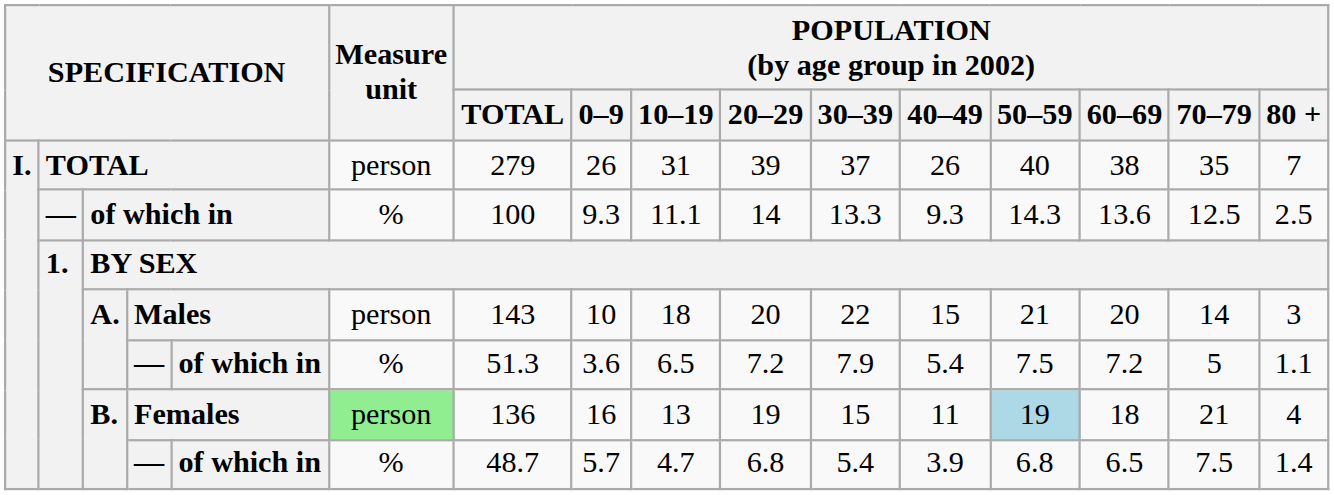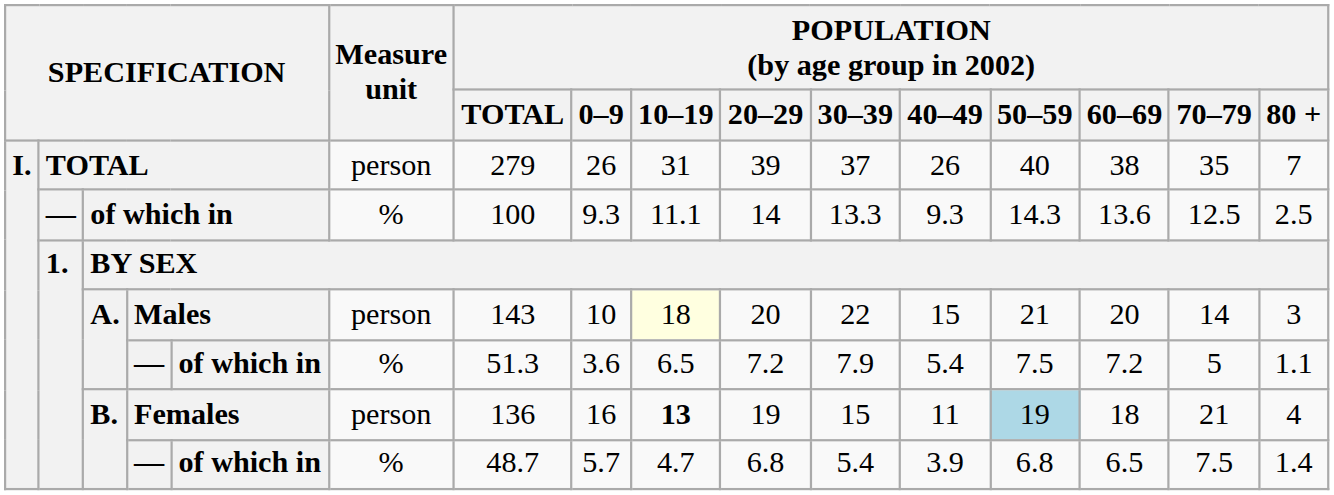 <table class="wikitable" style="font-size:85%; text-align:center">
 <tr>
 <th rowspan="2" colspan="5">SPECIFICATION</th>
 <th rowspan="2">Measure<br> unit</th>
 <th colspan="10" rowspan="1">POPULATION<br> (by age group in 2002)</th>
 </tr>
 <tr>
 <th>TOTAL</th>
 <th>0–9</th>
 <th>10–19</th>
 <th>20–29</th>
 <th>30–39</th>
 <th>40–49</th>
 <th>50–59</th>
 <th>60–69</th>
 <th>70–79</th>
 <th>80 +</th>
 </tr>
 <tr>
 <th style="text-align:left" valign="top" rowspan="7">I.</th>
 <th style="text-align:left" colspan="4">TOTAL</th>
 <td>person</td>
 <td>279</td>
 <td>26</td>
 <td>31</td>
 <td>39</td>
 <td>37</td>
 <td>26</td>
 <td>40</td>
 <td>38</td>
 <td>35</td>
 <td>7</td>
 </tr>
 <tr>
 <th style="text-align:left" valign="top">—</th>
 <th style="text-align:left" colspan="3">of which in</th>
 <td>%</td>
 <td>100</td>
 <td>9.3</td>
 <td>11.1</td>
 <td>14</td>
 <td>13.3</td>
 <td>9.3</td>
 <td>14.3</td>
 <td>13.6</td>
 <td>12.5</td>
 <td>2.5</td>
 </tr>
 <tr>
 <th style="text-align:left" valign="top" rowspan="5">1.</th>
 <th style="text-align:left" colspan="14">BY SEX</th>
 </tr>
 <tr>
 <th style="text-align:left" valign="top" rowspan="2">A.</th>
 <th style="text-align:left" colspan="2">Males</th>
 <td>person</td>
 <td>143</td>
 <td>10</td>
-<td>18</td>
+<td style="background: lightyellow;">18</td>
 <td>20</td>
 <td>22</td>
 <td>15</td>
 <td>21</td>
 <td>20</td>
 <td>14</td>
 <td>3</td>
 </tr>
 <tr>
 <th style="text-align:left" valign="top">—</th>
 <th style="text-align:left" colspan="1">of which in</th>
 <td>%</td>
 <td>51.3</td>
 <td>3.6</td>
 <td>6.5</td>
 <td>7.2</td>
 <td>7.9</td>
 <td>5.4</td>
 <td>7.5</td>
 <td>7.2</td>
 <td>5</td>
 <td>1.1</td>
 </tr>
 <tr>
 <th style="text-align:left" valign="top" rowspan="2">B.</th>
 <th style="text-align:left" colspan="2">Females</th>
-<td style="background: lightgreen;">person</td>
+<td>person</td>
 <td>136</td>
 <td>16</td>
-<td>13</td>
+<td><strong>13</strong></td>
 <td>19</td>
 <td>15</td>
 <td>11</td>
 <td style="background: lightblue;">19</td>
 <td>18</td>
 <td>21</td>
 <td>4</td>
 </tr>
 <tr>
 <th style="text-align:left" valign="top">—</th>
 <th style="text-align:left" colspan="1">of which in</th>
 <td>%</td>
 <td>48.7</td>
 <td>5.7</td>
 <td>4.7</td>
 <td>6.8</td>
 <td>5.4</td>
 <td>3.9</td>
 <td>6.8</td>
 <td>6.5</td>
 <td>7.5</td>
 <td>1.4</td>
 </tr>
 </table>
